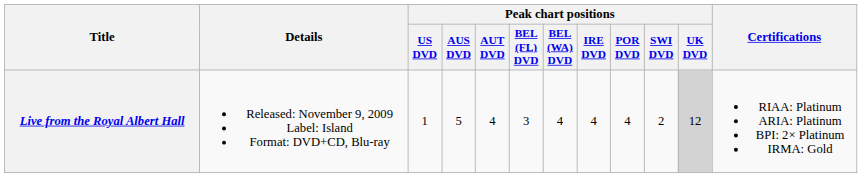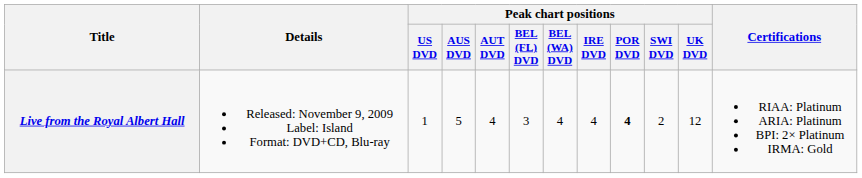 <table class="wikitable plainrowheaders" style="text-align:center;">
 <tr>
 <th scope="col" rowspan="2" style="width:15em;">Title</th>
 <th scope="col" rowspan="2" style="width:16em;">Details</th>
 <th scope="col" colspan="9">Peak chart positions</th>
 <th scope="col" rowspan="2" style="width:11em;"><a href='#'>Certifications</a></th>
 </tr>
 <tr>
 <th scope="col" style="width:2.5em;font-size:90%;"><a href='#'>US<br>DVD</a><br></th>
 <th scope="col" style="width:2.5em;font-size:90%;"><a href='#'>AUS<br>DVD</a><br></th>
 <th scope="col" style="width:2.5em;font-size:90%;"><a href='#'>AUT<br>DVD</a><br></th>
 <th scope="col" style="width:2.5em;font-size:90%;"><a href='#'>BEL<br>(FL)<br>DVD</a><br></th>
 <th scope="col" style="width:2.5em;font-size:90%;"><a href='#'>BEL<br>(WA)<br>DVD</a><br></th>
 <th scope="col" style="width:2.5em;font-size:90%;"><a href='#'>IRE<br>DVD</a><br></th>
 <th scope="col" style="width:2.5em;font-size:90%;"><a href='#'>POR<br>DVD</a><br></th>
 <th scope="col" style="width:2.5em;font-size:90%;"><a href='#'>SWI<br>DVD</a><br></th>
 <th scope="col" style="width:2.5em;font-size:90%;"><a href='#'>UK<br>DVD</a><br></th>
 </tr>
 <tr>
 <th scope="row"><em><a href='#'>Live from the Royal Albert Hall</a></em></th>
 <td><br><ul><li>Released: November 9, 2009</li><li>Label: Island</li><li>Format: DVD+CD, Blu-ray</li></ul></td>
 <td>1</td>
 <td>5</td>
 <td>4</td>
 <td>3</td>
 <td>4</td>
 <td>4</td>
-<td>4</td>
+<td><strong>4</strong></td>
 <td>2</td>
-<td style="background: lightgrey;">12</td>
+<td>12</td>
 <td><br><ul><li>RIAA: Platinum</li><li>ARIA: Platinum</li><li>BPI: 2× Platinum</li><li>IRMA: Gold</li></ul></td>
 </tr>
 </table>
